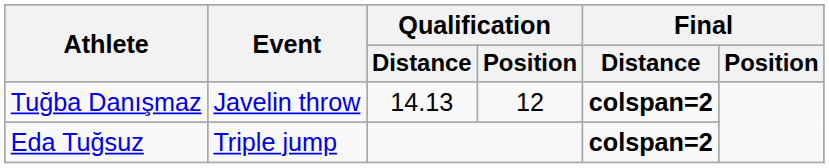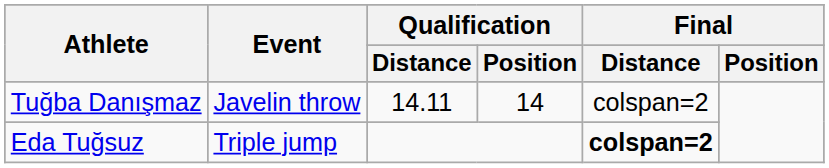 <table class=wikitable style=font-size:90%>
 <tr>
 <th rowspan=2>Athlete</th>
 <th rowspan=2>Event</th>
 <th colspan=2>Qualification</th>
 <th colspan=2>Final</th>
 </tr>
 <tr style=font-size:95%>
 <th>Distance</th>
 <th>Position</th>
 <th>Distance</th>
 <th>Position</th>
 </tr>
 <tr align=center>
 <td align=left><a href='#'>Tuğba Danışmaz</a></td>
 <td align=left><a href='#'>Javelin throw</a></td>
-<td>14.13</td>
-<td>12</td>
-<td><strong>colspan=2 </strong></td>
+<td>14.11</td>
+<td>14</td>
+<td>colspan=2 </td>
 </tr>
 <tr align=center>
 <td align=left><a href='#'>Eda Tuğsuz</a></td>
 <td align=left><a href='#'>Triple jump</a></td>
 <td colspan=2></td>
 <td><strong>colspan=2 </strong></td>
 </tr>
 </table>
